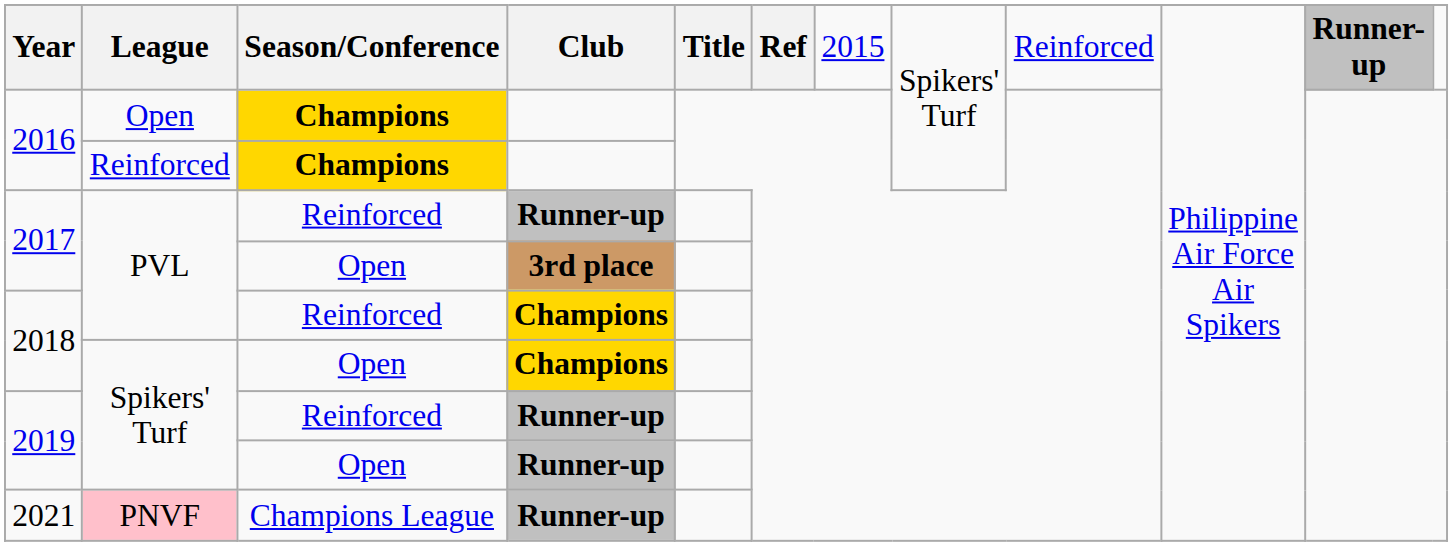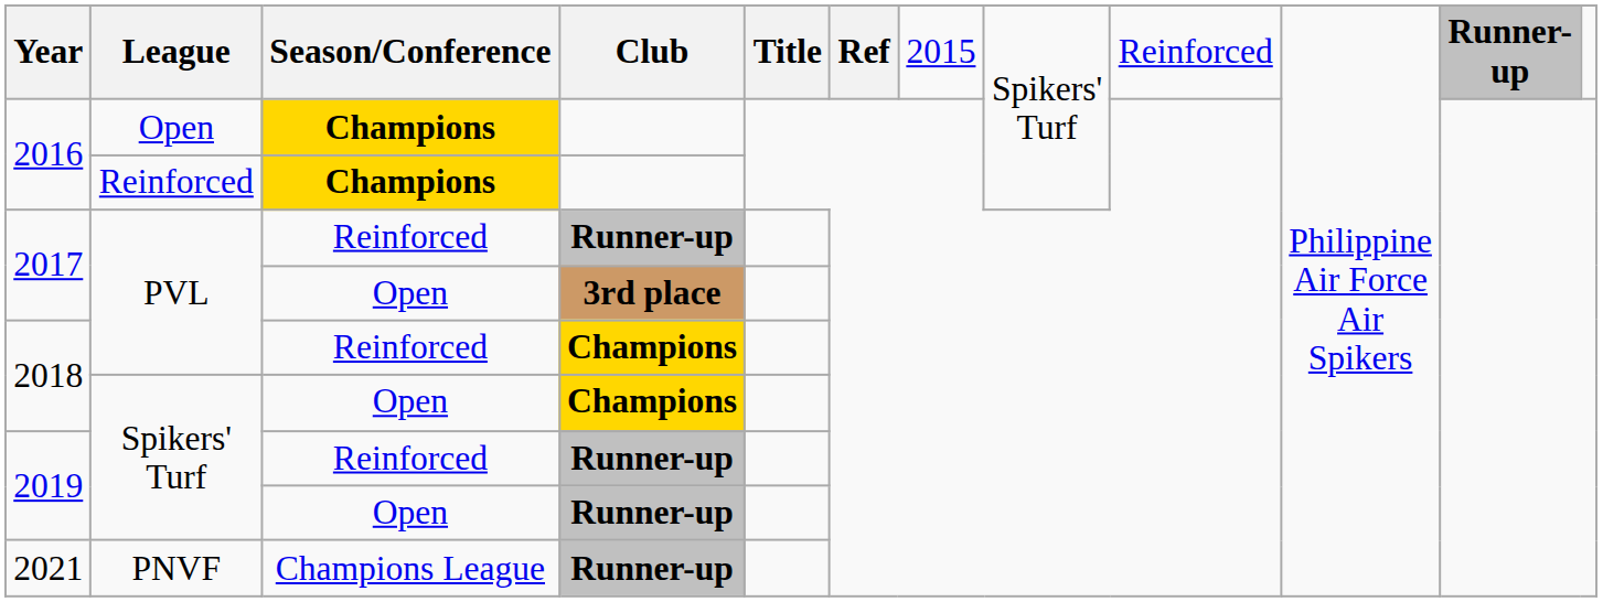 <table class="wikitable sortable" style="text-align:center" width="80%">
 <tr>
 <th style="width:5px;" rowspan="2">Year</th>
 <th style="width:25px;" rowspan="2">League</th>
 <th style="width:100px;" rowspan="2">Season/Conference</th>
 <th style="width:100px;" rowspan="2">Club</th>
 <th style="width:180px;" rowspan="2">Title</th>
 <th style="width:25px;" rowspan="2">Ref</th>
 </tr>
 <tr align=center>
 <td rowspan=1><a href='#'>2015</a></td>
 <td rowspan=3>Spikers' Turf</td>
 <td><a href='#'>Reinforced</a></td>
 <td rowspan=10><a href='#'>Philippine Air Force Air Spikers</a></td>
 <td style="background:silver;"><strong>Runner-up</strong></td>
 <td></td>
 </tr>
 <tr align=center>
 <td rowspan=2><a href='#'>2016</a></td>
 <td><a href='#'>Open</a></td>
 <td style="background:gold;"><strong>Champions</strong></td>
 <td></td>
 </tr>
 <tr align=center>
 <td><a href='#'>Reinforced</a></td>
 <td style="background:gold;"><strong>Champions</strong></td>
 <td></td>
 </tr>
 <tr align=center>
 <td rowspan=2><a href='#'>2017</a></td>
 <td rowspan=3>PVL</td>
 <td><a href='#'>Reinforced</a></td>
 <td style="background:silver"><strong>Runner-up</strong></td>
 <td></td>
 </tr>
 <tr align=center>
 <td><a href='#'>Open</a></td>
 <td style="background:#cc9966;"><strong>3rd place</strong></td>
 <td></td>
 </tr>
 <tr align=center>
 <td rowspan=2>2018</td>
 <td><a href='#'>Reinforced</a></td>
 <td style="background:gold"><strong>Champions</strong></td>
 <td></td>
 </tr>
 <tr align=center>
 <td rowspan=3>Spikers' Turf</td>
 <td><a href='#'>Open</a></td>
 <td style="background:gold"><strong>Champions</strong></td>
 <td></td>
 </tr>
 <tr align=center>
 <td rowspan=2><a href='#'>2019</a></td>
 <td><a href='#'>Reinforced</a></td>
 <td style="background:silver"><strong>Runner-up</strong></td>
 <td></td>
 </tr>
 <tr align=center>
 <td><a href='#'>Open</a></td>
 <td style="background:silver"><strong>Runner-up</strong></td>
 <td></td>
 </tr>
 <tr align=center>
 <td>2021</td>
-<td style="background: pink;">PNVF</td>
+<td>PNVF</td>
 <td><a href='#'>Champions League</a></td>
 <td style="background:silver"><strong>Runner-up</strong></td>
 <td></td>
 </tr>
 </table>
